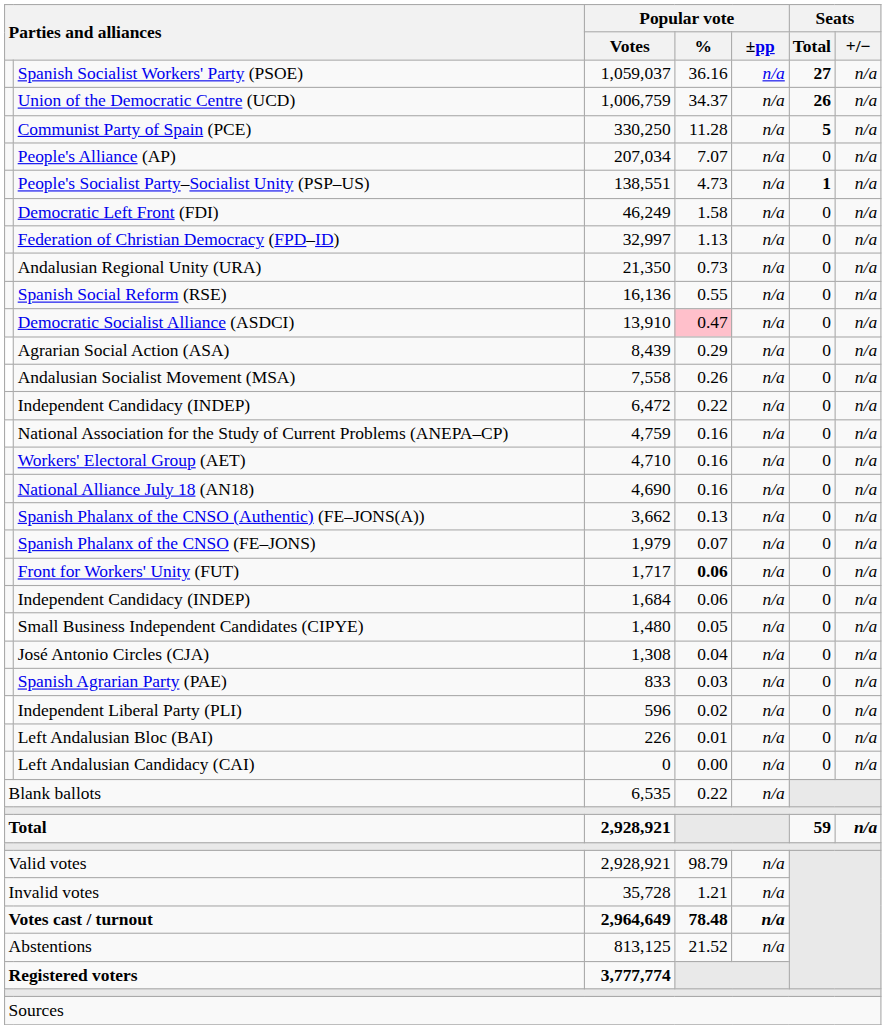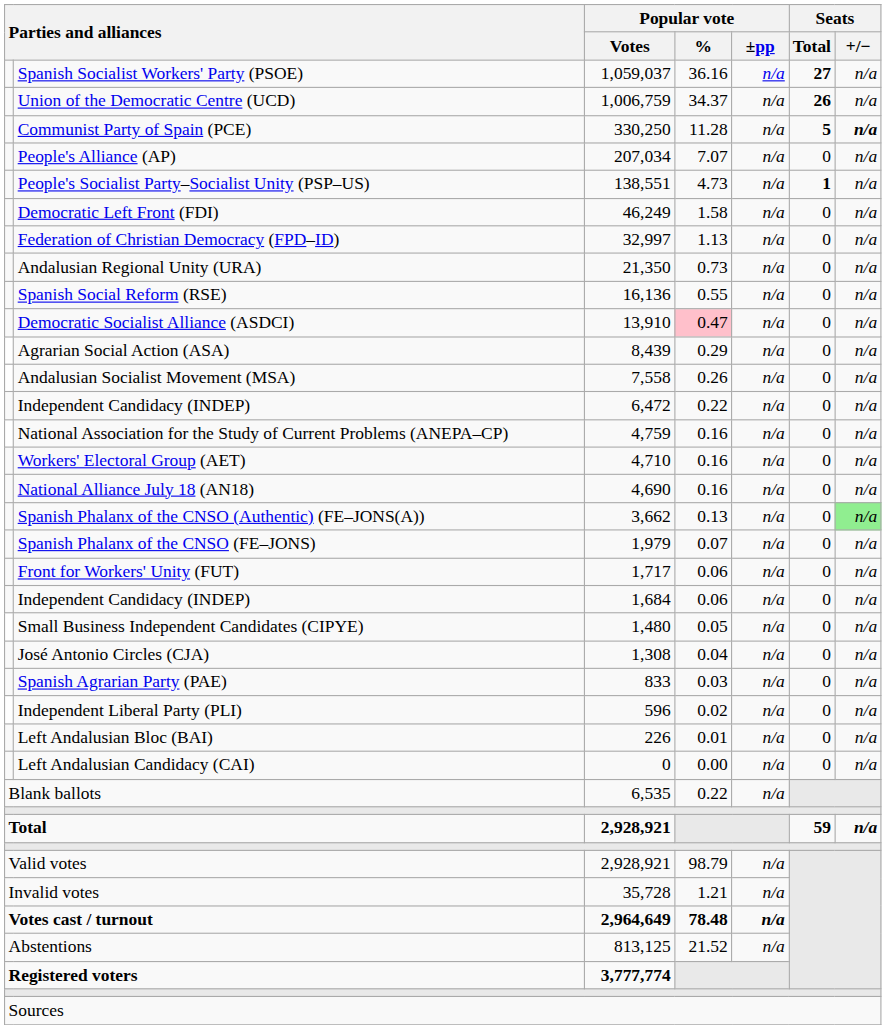 <table class="wikitable" style="text-align:right;">
 <tr>
 <th style="text-align:left;" rowspan="2" colspan="2" width="525">Parties and alliances</th>
 <th colspan="3">Popular vote</th>
 <th colspan="2">Seats</th>
 </tr>
 <tr>
 <th width="75">Votes</th>
 <th width="45">%</th>
 <th width="45">±<a href='#'>pp</a></th>
 <th width="35">Total</th>
 <th width="35">+/−</th>
 </tr>
 <tr>
 <td width="1" style="color:inherit;background:"></td>
 <td align="left"><a href='#'>Spanish Socialist Workers' Party</a> (PSOE)</td>
 <td>1,059,037</td>
 <td>36.16</td>
 <td><em><a href='#'>n/a</a></em></td>
 <td><strong>27</strong></td>
 <td><em>n/a</em></td>
 </tr>
 <tr>
 <td style="color:inherit;background:"></td>
 <td align="left"><a href='#'>Union of the Democratic Centre</a> (UCD)</td>
 <td>1,006,759</td>
 <td>34.37</td>
 <td><em>n/a</em></td>
 <td><strong>26</strong></td>
 <td><em>n/a</em></td>
 </tr>
 <tr>
 <td style="color:inherit;background:"></td>
 <td align="left"><a href='#'>Communist Party of Spain</a> (PCE)</td>
 <td>330,250</td>
 <td>11.28</td>
 <td><em>n/a</em></td>
 <td><strong>5</strong></td>
-<td><em>n/a</em></td>
+<td><strong><em>n/a</em></strong></td>
 </tr>
 <tr>
 <td style="color:inherit;background:"></td>
 <td align="left"><a href='#'>People's Alliance</a> (AP)</td>
 <td>207,034</td>
 <td>7.07</td>
 <td><em>n/a</em></td>
 <td>0</td>
 <td><em>n/a</em></td>
 </tr>
 <tr>
 <td style="color:inherit;background:"></td>
 <td align="left"><a href='#'>People's Socialist Party</a>–<a href='#'>Socialist Unity</a> (PSP–US)</td>
 <td>138,551</td>
 <td>4.73</td>
 <td><em>n/a</em></td>
 <td><strong>1</strong></td>
 <td><em>n/a</em></td>
 </tr>
 <tr>
 <td style="color:inherit;background:"></td>
 <td align="left"><a href='#'>Democratic Left Front</a> (FDI)</td>
 <td>46,249</td>
 <td>1.58</td>
 <td><em>n/a</em></td>
 <td>0</td>
 <td><em>n/a</em></td>
 </tr>
 <tr>
 <td style="color:inherit;background:"></td>
 <td align="left"><a href='#'>Federation of Christian Democracy</a> (<a href='#'>FPD</a>–<a href='#'>ID</a>)</td>
 <td>32,997</td>
 <td>1.13</td>
 <td><em>n/a</em></td>
 <td>0</td>
 <td><em>n/a</em></td>
 </tr>
 <tr>
 <td style="color:inherit;background:"></td>
 <td align="left">Andalusian Regional Unity (URA)</td>
 <td>21,350</td>
 <td>0.73</td>
 <td><em>n/a</em></td>
 <td>0</td>
 <td><em>n/a</em></td>
 </tr>
 <tr>
 <td style="color:inherit;background:"></td>
 <td align="left"><a href='#'>Spanish Social Reform</a> (RSE)</td>
 <td>16,136</td>
 <td>0.55</td>
 <td><em>n/a</em></td>
 <td>0</td>
 <td><em>n/a</em></td>
 </tr>
 <tr>
 <td style="color:inherit;background:"></td>
 <td align="left"><a href='#'>Democratic Socialist Alliance</a> (ASDCI)</td>
 <td>13,910</td>
 <td style="background: pink;">0.47</td>
 <td><em>n/a</em></td>
 <td>0</td>
 <td><em>n/a</em></td>
 </tr>
 <tr>
 <td bgcolor="white"></td>
 <td align="left">Agrarian Social Action (ASA)</td>
 <td>8,439</td>
 <td>0.29</td>
 <td><em>n/a</em></td>
 <td>0</td>
 <td><em>n/a</em></td>
 </tr>
 <tr>
 <td bgcolor="white"></td>
 <td align="left">Andalusian Socialist Movement (MSA)</td>
 <td>7,558</td>
 <td>0.26</td>
 <td><em>n/a</em></td>
 <td>0</td>
 <td><em>n/a</em></td>
 </tr>
 <tr>
 <td style="color:inherit;background:"></td>
 <td align="left">Independent Candidacy (INDEP)</td>
 <td>6,472</td>
 <td>0.22</td>
 <td><em>n/a</em></td>
 <td>0</td>
 <td><em>n/a</em></td>
 </tr>
 <tr>
 <td bgcolor="white"></td>
 <td align="left">National Association for the Study of Current Problems (ANEPA–CP)</td>
 <td>4,759</td>
 <td>0.16</td>
 <td><em>n/a</em></td>
 <td>0</td>
 <td><em>n/a</em></td>
 </tr>
 <tr>
 <td style="color:inherit;background:"></td>
 <td align="left"><a href='#'>Workers' Electoral Group</a> (AET)</td>
 <td>4,710</td>
 <td>0.16</td>
 <td><em>n/a</em></td>
 <td>0</td>
 <td><em>n/a</em></td>
 </tr>
 <tr>
 <td style="color:inherit;background:"></td>
 <td align="left"><a href='#'>National Alliance July 18</a> (AN18)</td>
 <td>4,690</td>
 <td>0.16</td>
 <td><em>n/a</em></td>
 <td>0</td>
 <td><em>n/a</em></td>
 </tr>
 <tr>
 <td style="color:inherit;background:"></td>
 <td align="left"><a href='#'>Spanish Phalanx of the CNSO (Authentic)</a> (FE–JONS(A))</td>
 <td>3,662</td>
 <td>0.13</td>
 <td><em>n/a</em></td>
 <td>0</td>
-<td><em>n/a</em></td>
+<td style="background: lightgreen;"><em>n/a</em></td>
 </tr>
 <tr>
 <td style="color:inherit;background:"></td>
 <td align="left"><a href='#'>Spanish Phalanx of the CNSO</a> (FE–JONS)</td>
 <td>1,979</td>
 <td>0.07</td>
 <td><em>n/a</em></td>
 <td>0</td>
 <td><em>n/a</em></td>
 </tr>
 <tr>
 <td style="color:inherit;background:"></td>
 <td align="left"><a href='#'>Front for Workers' Unity</a> (FUT)</td>
 <td>1,717</td>
-<td><strong>0.06</strong></td>
+<td>0.06</td>
 <td><em>n/a</em></td>
 <td>0</td>
 <td><em>n/a</em></td>
 </tr>
 <tr>
 <td style="color:inherit;background:"></td>
 <td align="left">Independent Candidacy (INDEP)</td>
 <td>1,684</td>
 <td>0.06</td>
 <td><em>n/a</em></td>
 <td>0</td>
 <td><em>n/a</em></td>
 </tr>
 <tr>
 <td bgcolor="white"></td>
 <td align="left">Small Business Independent Candidates (CIPYE)</td>
 <td>1,480</td>
 <td>0.05</td>
 <td><em>n/a</em></td>
 <td>0</td>
 <td><em>n/a</em></td>
 </tr>
 <tr>
 <td style="color:inherit;background:"></td>
 <td align="left">José Antonio Circles (CJA)</td>
 <td>1,308</td>
 <td>0.04</td>
 <td><em>n/a</em></td>
 <td>0</td>
 <td><em>n/a</em></td>
 </tr>
 <tr>
 <td style="color:inherit;background:"></td>
 <td align="left"><a href='#'>Spanish Agrarian Party</a> (PAE)</td>
 <td>833</td>
 <td>0.03</td>
 <td><em>n/a</em></td>
 <td>0</td>
 <td><em>n/a</em></td>
 </tr>
 <tr>
 <td bgcolor="white"></td>
 <td align="left">Independent Liberal Party (PLI)</td>
 <td>596</td>
 <td>0.02</td>
 <td><em>n/a</em></td>
 <td>0</td>
 <td><em>n/a</em></td>
 </tr>
 <tr>
 <td style="color:inherit;background:"></td>
 <td align="left">Left Andalusian Bloc (BAI)</td>
 <td>226</td>
 <td>0.01</td>
 <td><em>n/a</em></td>
 <td>0</td>
 <td><em>n/a</em></td>
 </tr>
 <tr>
 <td style="color:inherit;background:"></td>
 <td align="left">Left Andalusian Candidacy (CAI)</td>
 <td>0</td>
 <td>0.00</td>
 <td><em>n/a</em></td>
 <td>0</td>
 <td><em>n/a</em></td>
 </tr>
 <tr>
 <td align="left" colspan="2">Blank ballots</td>
 <td>6,535</td>
 <td>0.22</td>
 <td><em>n/a</em></td>
 <td bgcolor="#E9E9E9" colspan="2"></td>
 </tr>
 <tr>
 <td colspan="7" bgcolor="#E9E9E9"></td>
 </tr>
 <tr style="font-weight:bold;">
 <td align="left" colspan="2">Total</td>
 <td>2,928,921</td>
 <td bgcolor="#E9E9E9" colspan="2"></td>
 <td>59</td>
 <td><em>n/a</em></td>
 </tr>
 <tr>
 <td colspan="7" bgcolor="#E9E9E9"></td>
 </tr>
 <tr>
 <td align="left" colspan="2">Valid votes</td>
 <td>2,928,921</td>
 <td>98.79</td>
 <td><em>n/a</em></td>
 <td bgcolor="#E9E9E9" colspan="2" rowspan="5"></td>
 </tr>
 <tr>
 <td align="left" colspan="2">Invalid votes</td>
 <td>35,728</td>
 <td>1.21</td>
 <td><em>n/a</em></td>
 </tr>
 <tr style="font-weight:bold;">
 <td align="left" colspan="2">Votes cast / turnout</td>
 <td>2,964,649</td>
 <td>78.48</td>
 <td><em>n/a</em></td>
 </tr>
 <tr>
 <td align="left" colspan="2">Abstentions</td>
 <td>813,125</td>
 <td>21.52</td>
 <td><em>n/a</em></td>
 </tr>
 <tr style="font-weight:bold;">
 <td align="left" colspan="2">Registered voters</td>
 <td>3,777,774</td>
 <td bgcolor="#E9E9E9" colspan="2"></td>
 </tr>
 <tr>
 <td colspan="7" bgcolor="#E9E9E9"></td>
 </tr>
 <tr>
 <td align="left" colspan="7">Sources</td>
 </tr>
 </table>
